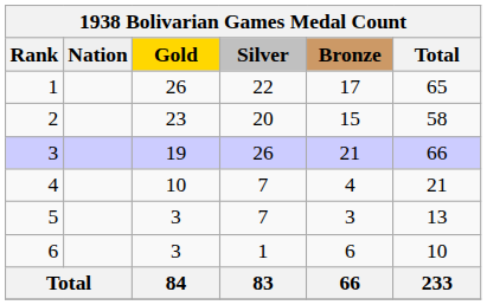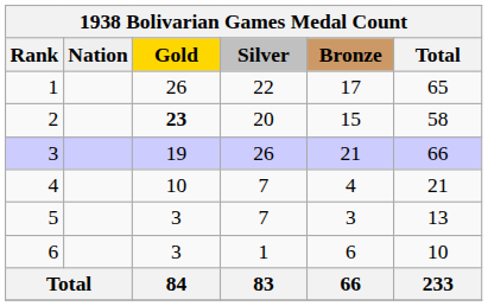 <table class="wikitable" border="2" style="text-align:center">
 <tr>
 <th colspan=6>1938 Bolivarian Games Medal Count</th>
 </tr>
 <tr bgcolor="#efefef">
 <th>Rank</th>
 <td align=left><strong>Nation</strong></td>
 <td bgcolor="gold" align=center width=60><strong>Gold</strong></td>
 <td bgcolor="silver" align=center width=60><strong>Silver</strong></td>
 <td bgcolor="CC9966" align=center width=60><strong>Bronze</strong></td>
 <th width=60>Total</th>
 </tr>
 <tr>
 <td align=right>1</td>
 <td align=left></td>
 <td>26</td>
 <td>22</td>
 <td>17</td>
 <td>65</td>
 </tr>
 <tr>
 <td align=right>2</td>
 <td align=left></td>
-<td>23</td>
+<td><strong>23</strong></td>
 <td>20</td>
 <td>15</td>
 <td>58</td>
 </tr>
 <tr style="background:#ccccff">
 <td align=right>3</td>
 <td align=left></td>
 <td>19</td>
 <td>26</td>
 <td>21</td>
 <td>66</td>
 </tr>
 <tr>
 <td align=right>4</td>
 <td align=left></td>
 <td>10</td>
 <td>7</td>
 <td>4</td>
 <td>21</td>
 </tr>
 <tr>
 <td align=right>5</td>
 <td align=left></td>
 <td>3</td>
 <td>7</td>
 <td>3</td>
 <td>13</td>
 </tr>
 <tr>
 <td align=right>6</td>
 <td align=left></td>
 <td>3</td>
 <td>1</td>
 <td>6</td>
 <td>10</td>
 </tr>
 <tr>
 <th colspan="2">Total</th>
 <th>84</th>
 <th>83</th>
 <th>66</th>
 <th>233</th>
 </tr>
 <tr>
 </tr>
 </table>
